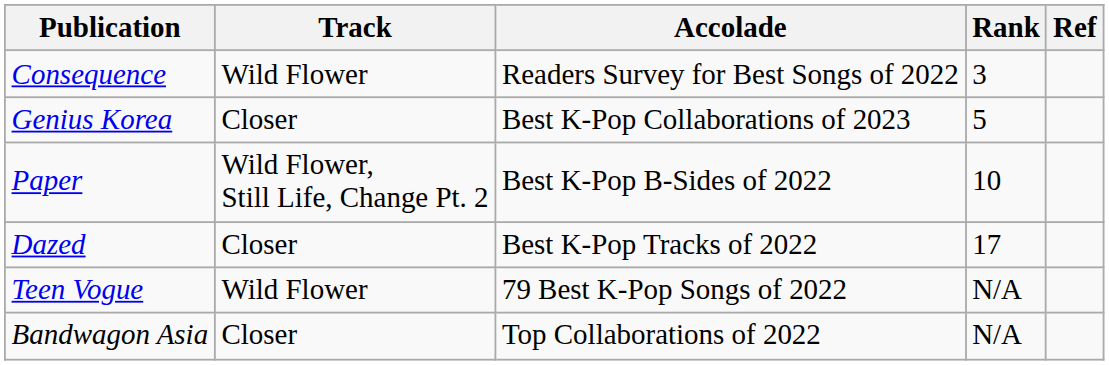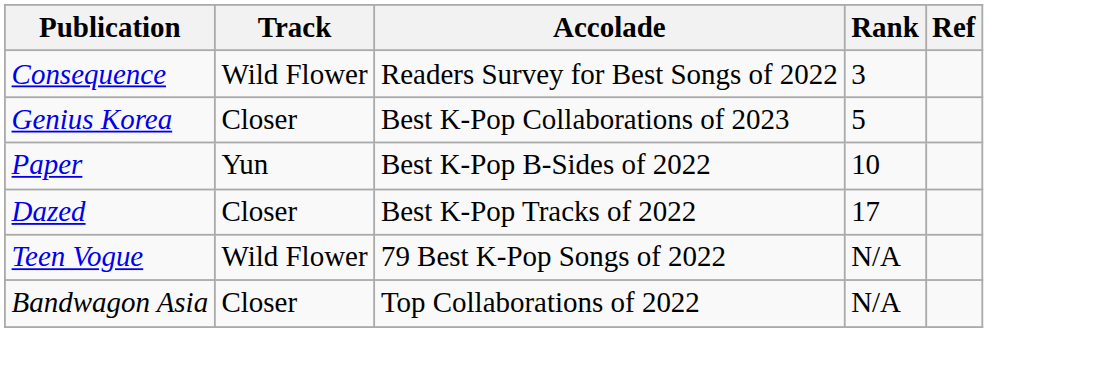 <table class="wikitable">
 <tr>
 <th>Publication</th>
 <th>Track</th>
 <th>Accolade</th>
 <th>Rank</th>
 <th>Ref</th>
 </tr>
 <tr>
 <td><em><a href='#'>Consequence</a></em></td>
 <td>Wild Flower</td>
 <td>Readers Survey for Best Songs of 2022</td>
 <td>3</td>
 <td></td>
 </tr>
 <tr>
 <td><em><a href='#'>Genius Korea</a></em></td>
 <td>Closer</td>
 <td>Best K-Pop Collaborations of 2023</td>
 <td>5</td>
 <td></td>
 </tr>
 <tr>
 <td><em><a href='#'>Paper</a></em></td>
-<td>Wild Flower,<br>Still Life,  Change Pt. 2</td>
+<td>Yun</td>
 <td>Best K-Pop B-Sides of 2022</td>
 <td>10</td>
 <td></td>
 </tr>
 <tr>
 <td><em><a href='#'>Dazed</a></em></td>
 <td>Closer</td>
 <td>Best K-Pop Tracks of 2022</td>
 <td>17</td>
 <td></td>
 </tr>
 <tr>
 <td><em><a href='#'>Teen Vogue</a></em></td>
 <td>Wild Flower</td>
 <td>79 Best K-Pop Songs of 2022</td>
 <td>N/A</td>
 <td></td>
 </tr>
 <tr>
 <td><em>Bandwagon Asia</em></td>
 <td>Closer</td>
 <td>Top Collaborations of 2022</td>
 <td>N/A</td>
 <td></td>
 </tr>
 </table>
